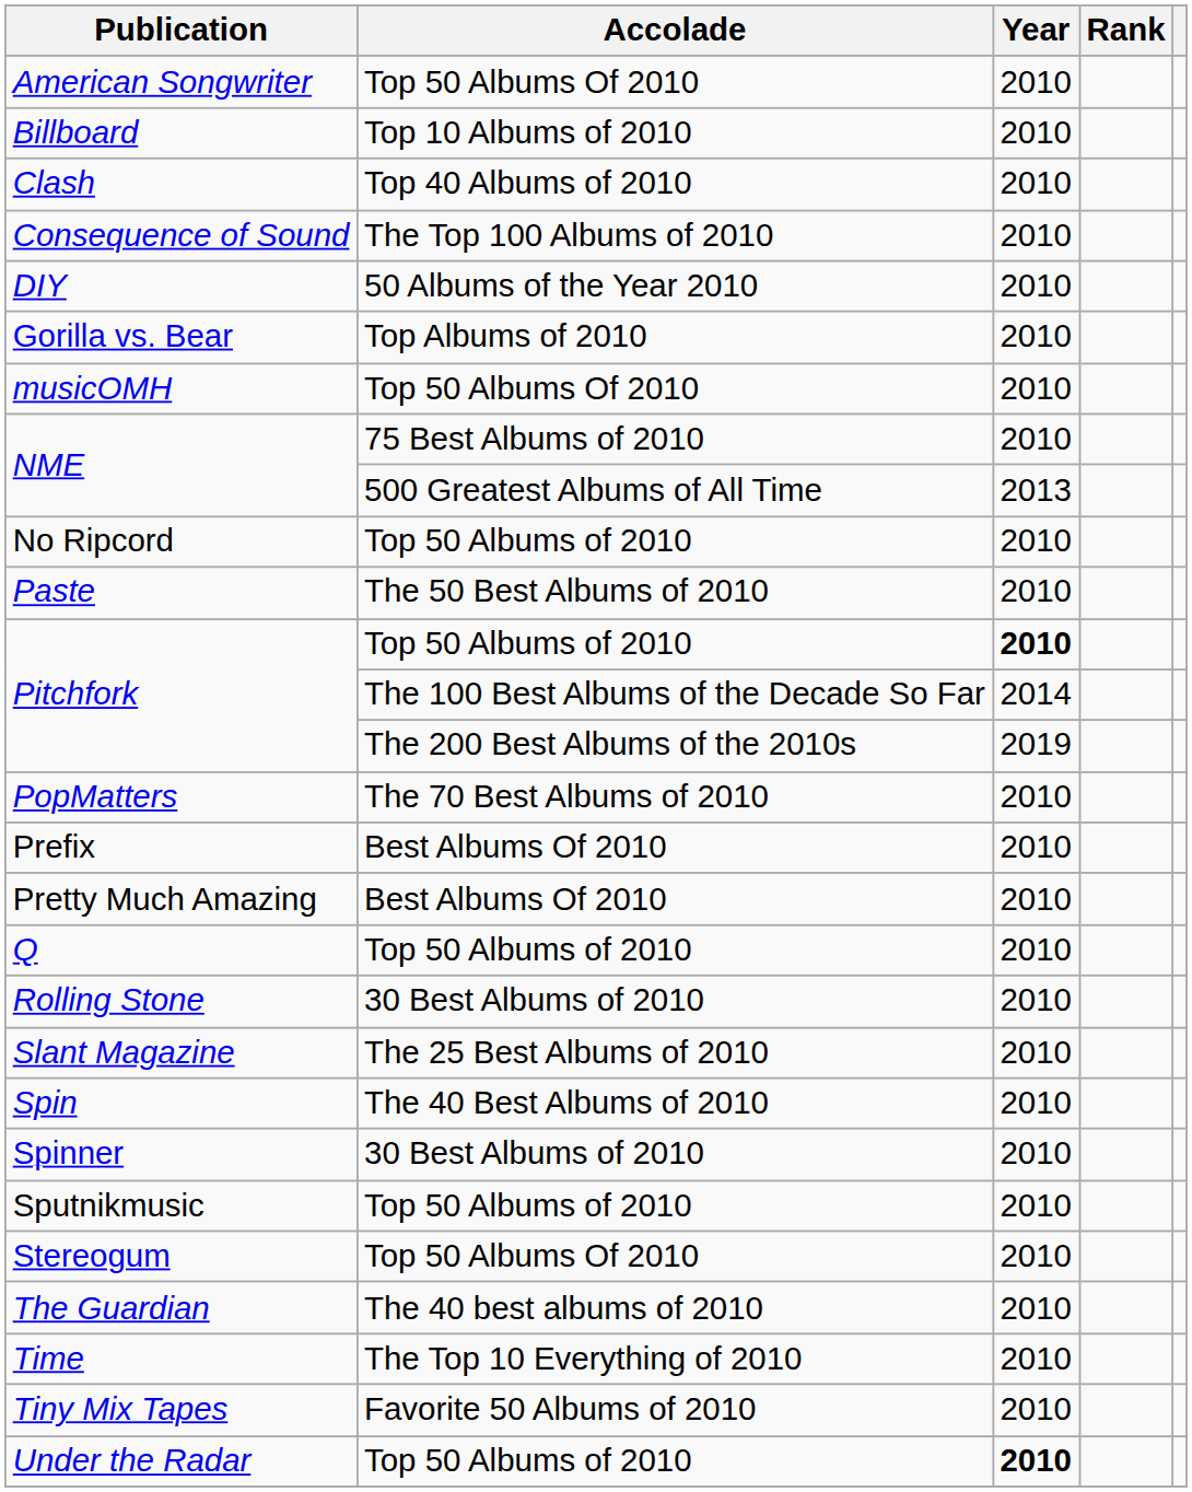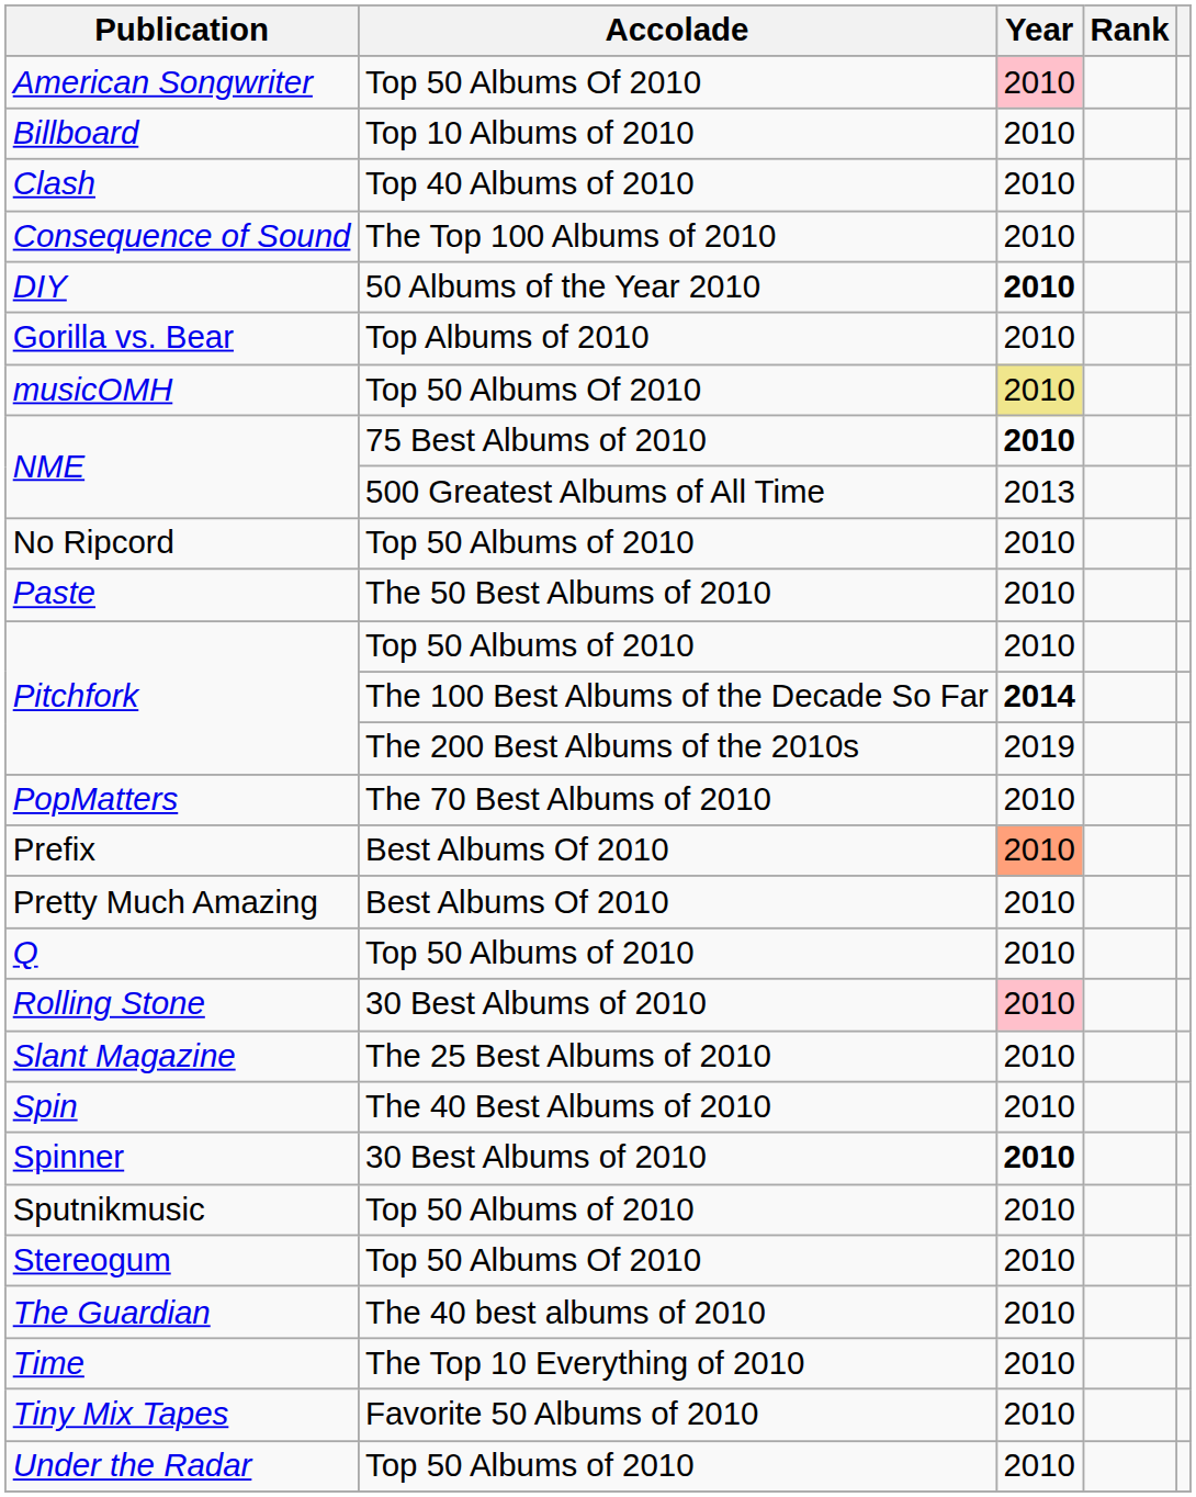 <table class="wikitable sortable">
 <tr>
 <th>Publication</th>
 <th>Accolade</th>
 <th>Year</th>
 <th>Rank</th>
 <th class="unsortable"></th>
 </tr>
 <tr>
 <td><em><a href='#'>American Songwriter</a></em></td>
 <td>Top 50 Albums Of 2010</td>
-<td>2010</td>
+<td style="background: pink;">2010</td>
 <td></td>
 <td></td>
 </tr>
 <tr>
 <td><em><a href='#'>Billboard</a></em></td>
 <td>Top 10 Albums of 2010</td>
 <td>2010</td>
 <td></td>
 <td></td>
 </tr>
 <tr>
 <td><em><a href='#'>Clash</a></em></td>
 <td>Top 40 Albums of 2010</td>
 <td>2010</td>
 <td></td>
 <td></td>
 </tr>
 <tr>
 <td><em><a href='#'>Consequence of Sound</a></em></td>
 <td>The Top 100 Albums of 2010</td>
 <td>2010</td>
 <td></td>
 <td></td>
 </tr>
 <tr>
 <td><em><a href='#'>DIY</a></em></td>
 <td>50 Albums of the Year 2010</td>
-<td>2010</td>
+<td><strong>2010</strong></td>
 <td></td>
 <td></td>
 </tr>
 <tr>
 <td><a href='#'>Gorilla vs. Bear</a></td>
 <td>Top Albums of 2010</td>
 <td>2010</td>
 <td></td>
 <td></td>
 </tr>
 <tr>
 <td><em><a href='#'>musicOMH</a></em></td>
 <td>Top 50 Albums Of 2010</td>
-<td>2010</td>
+<td style="background: khaki;">2010</td>
 <td></td>
 <td></td>
 </tr>
 <tr>
 <td rowspan="2"><em><a href='#'>NME</a></em></td>
 <td>75 Best Albums of 2010</td>
-<td>2010</td>
+<td><strong>2010</strong></td>
 <td></td>
 <td></td>
 </tr>
 <tr>
 <td>500 Greatest Albums of All Time</td>
 <td>2013</td>
 <td></td>
 <td></td>
 </tr>
 <tr>
 <td>No Ripcord</td>
 <td>Top 50 Albums of 2010</td>
 <td>2010</td>
 <td></td>
 <td></td>
 </tr>
 <tr>
 <td><em><a href='#'>Paste</a></em></td>
 <td>The 50 Best Albums of 2010</td>
 <td>2010</td>
 <td></td>
 <td></td>
 </tr>
 <tr>
 <td rowspan="3"><em><a href='#'>Pitchfork</a></em></td>
 <td>Top 50 Albums of 2010</td>
-<td><strong>2010</strong></td>
+<td>2010</td>
 <td></td>
 <td></td>
 </tr>
 <tr>
 <td>The 100 Best Albums of the Decade So Far</td>
-<td>2014</td>
+<td><strong>2014</strong></td>
 <td></td>
 <td></td>
 </tr>
 <tr>
 <td>The 200 Best Albums of the 2010s</td>
 <td>2019</td>
 <td></td>
 <td></td>
 </tr>
 <tr>
 <td><em><a href='#'>PopMatters</a></em></td>
 <td>The 70 Best Albums of 2010</td>
 <td>2010</td>
 <td></td>
 <td></td>
 </tr>
 <tr>
 <td>Prefix</td>
 <td>Best Albums Of 2010</td>
-<td>2010</td>
+<td style="background: lightsalmon;">2010</td>
 <td></td>
 <td></td>
 </tr>
 <tr>
 <td>Pretty Much Amazing</td>
 <td>Best Albums Of 2010</td>
 <td>2010</td>
 <td></td>
 <td></td>
 </tr>
 <tr>
 <td><em><a href='#'>Q</a></em></td>
 <td>Top 50 Albums of 2010</td>
 <td>2010</td>
 <td></td>
 <td></td>
 </tr>
 <tr>
 <td><em><a href='#'>Rolling Stone</a></em></td>
 <td>30 Best Albums of 2010</td>
-<td>2010</td>
+<td style="background: pink;">2010</td>
 <td></td>
 <td></td>
 </tr>
 <tr>
 <td><em><a href='#'>Slant Magazine</a></em></td>
 <td>The 25 Best Albums of 2010</td>
 <td>2010</td>
 <td></td>
 <td></td>
 </tr>
 <tr>
 <td><em><a href='#'>Spin</a></em></td>
 <td>The 40 Best Albums of 2010</td>
 <td>2010</td>
 <td></td>
 <td></td>
 </tr>
 <tr>
 <td><a href='#'>Spinner</a></td>
 <td>30 Best Albums of 2010</td>
-<td>2010</td>
+<td><strong>2010</strong></td>
 <td></td>
 <td></td>
 </tr>
 <tr>
 <td>Sputnikmusic</td>
 <td>Top 50 Albums of 2010</td>
 <td>2010</td>
 <td></td>
 <td></td>
 </tr>
 <tr>
 <td><a href='#'>Stereogum</a></td>
 <td>Top 50 Albums Of 2010</td>
 <td>2010</td>
 <td></td>
 <td></td>
 </tr>
 <tr>
 <td><em><a href='#'>The Guardian</a></em></td>
 <td>The 40 best albums of 2010</td>
 <td>2010</td>
 <td></td>
 <td></td>
 </tr>
 <tr>
 <td><em><a href='#'>Time</a></em></td>
 <td>The Top 10 Everything of 2010</td>
 <td>2010</td>
 <td></td>
 <td></td>
 </tr>
 <tr>
 <td><em><a href='#'>Tiny Mix Tapes</a></em></td>
 <td>Favorite 50 Albums of 2010</td>
 <td>2010</td>
 <td></td>
 <td></td>
 </tr>
 <tr>
 <td><em><a href='#'>Under the Radar</a></em></td>
 <td>Top 50 Albums of 2010</td>
-<td><strong>2010</strong></td>
+<td>2010</td>
 <td></td>
 <td></td>
 </tr>
 <tr>
 </tr>
 </table>
